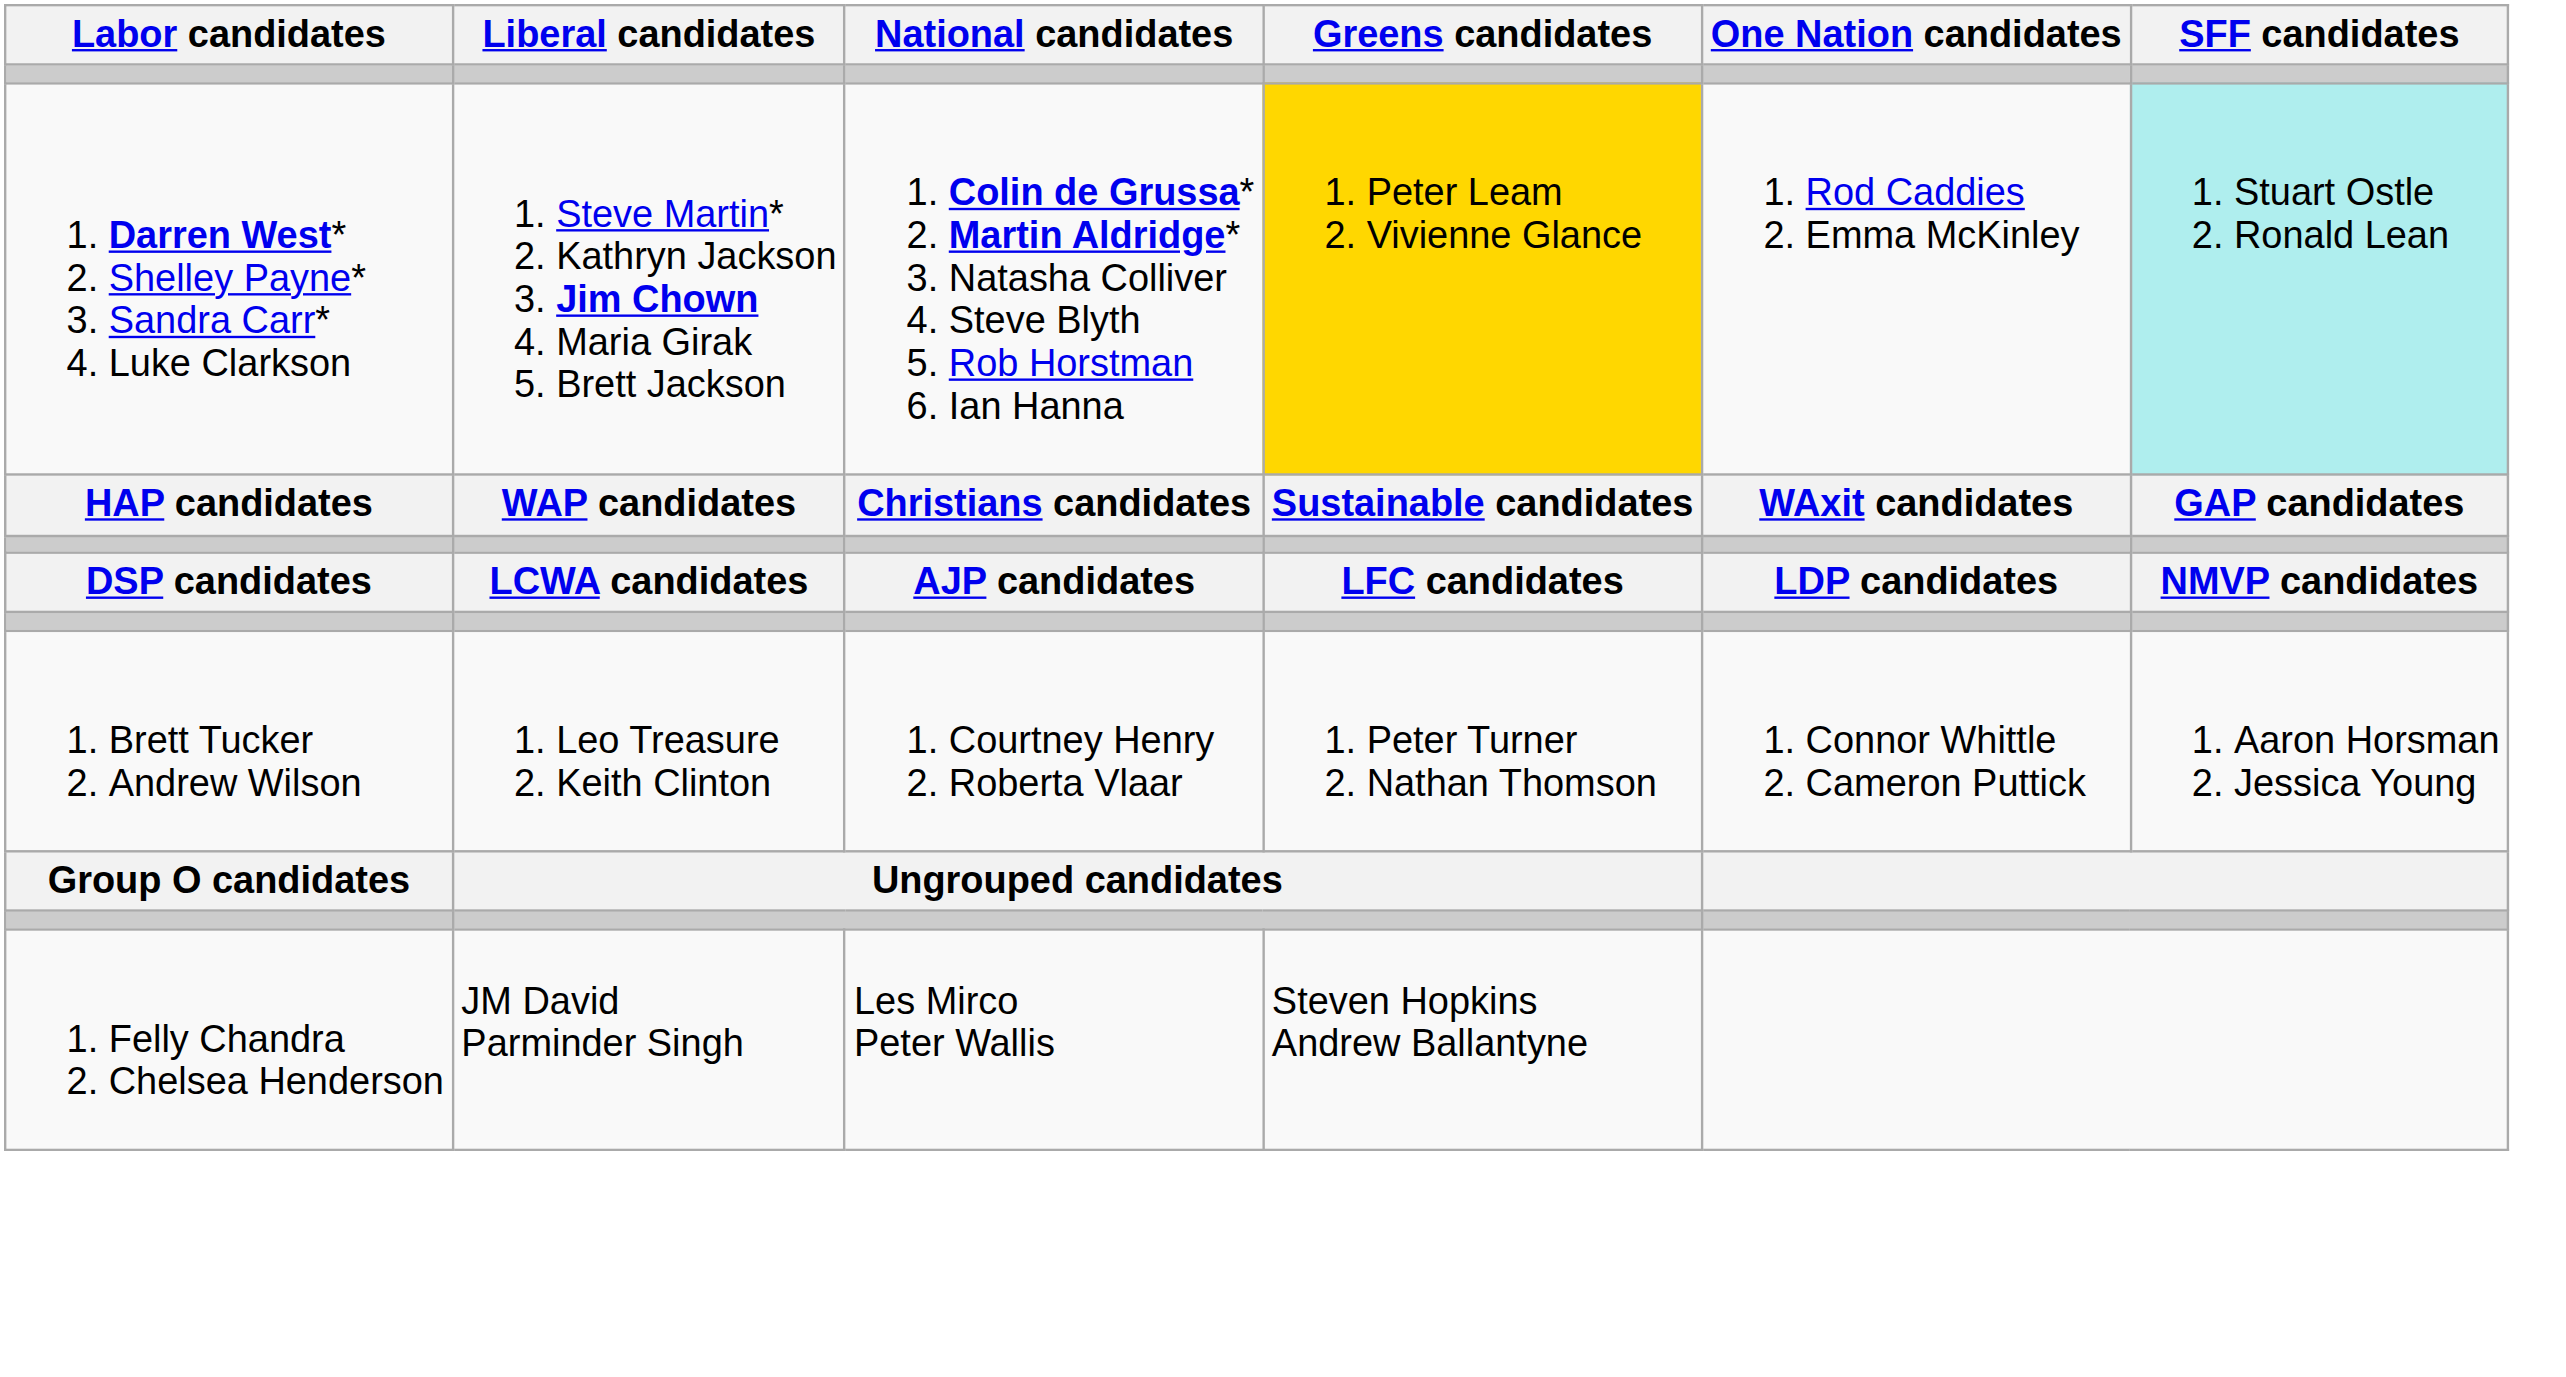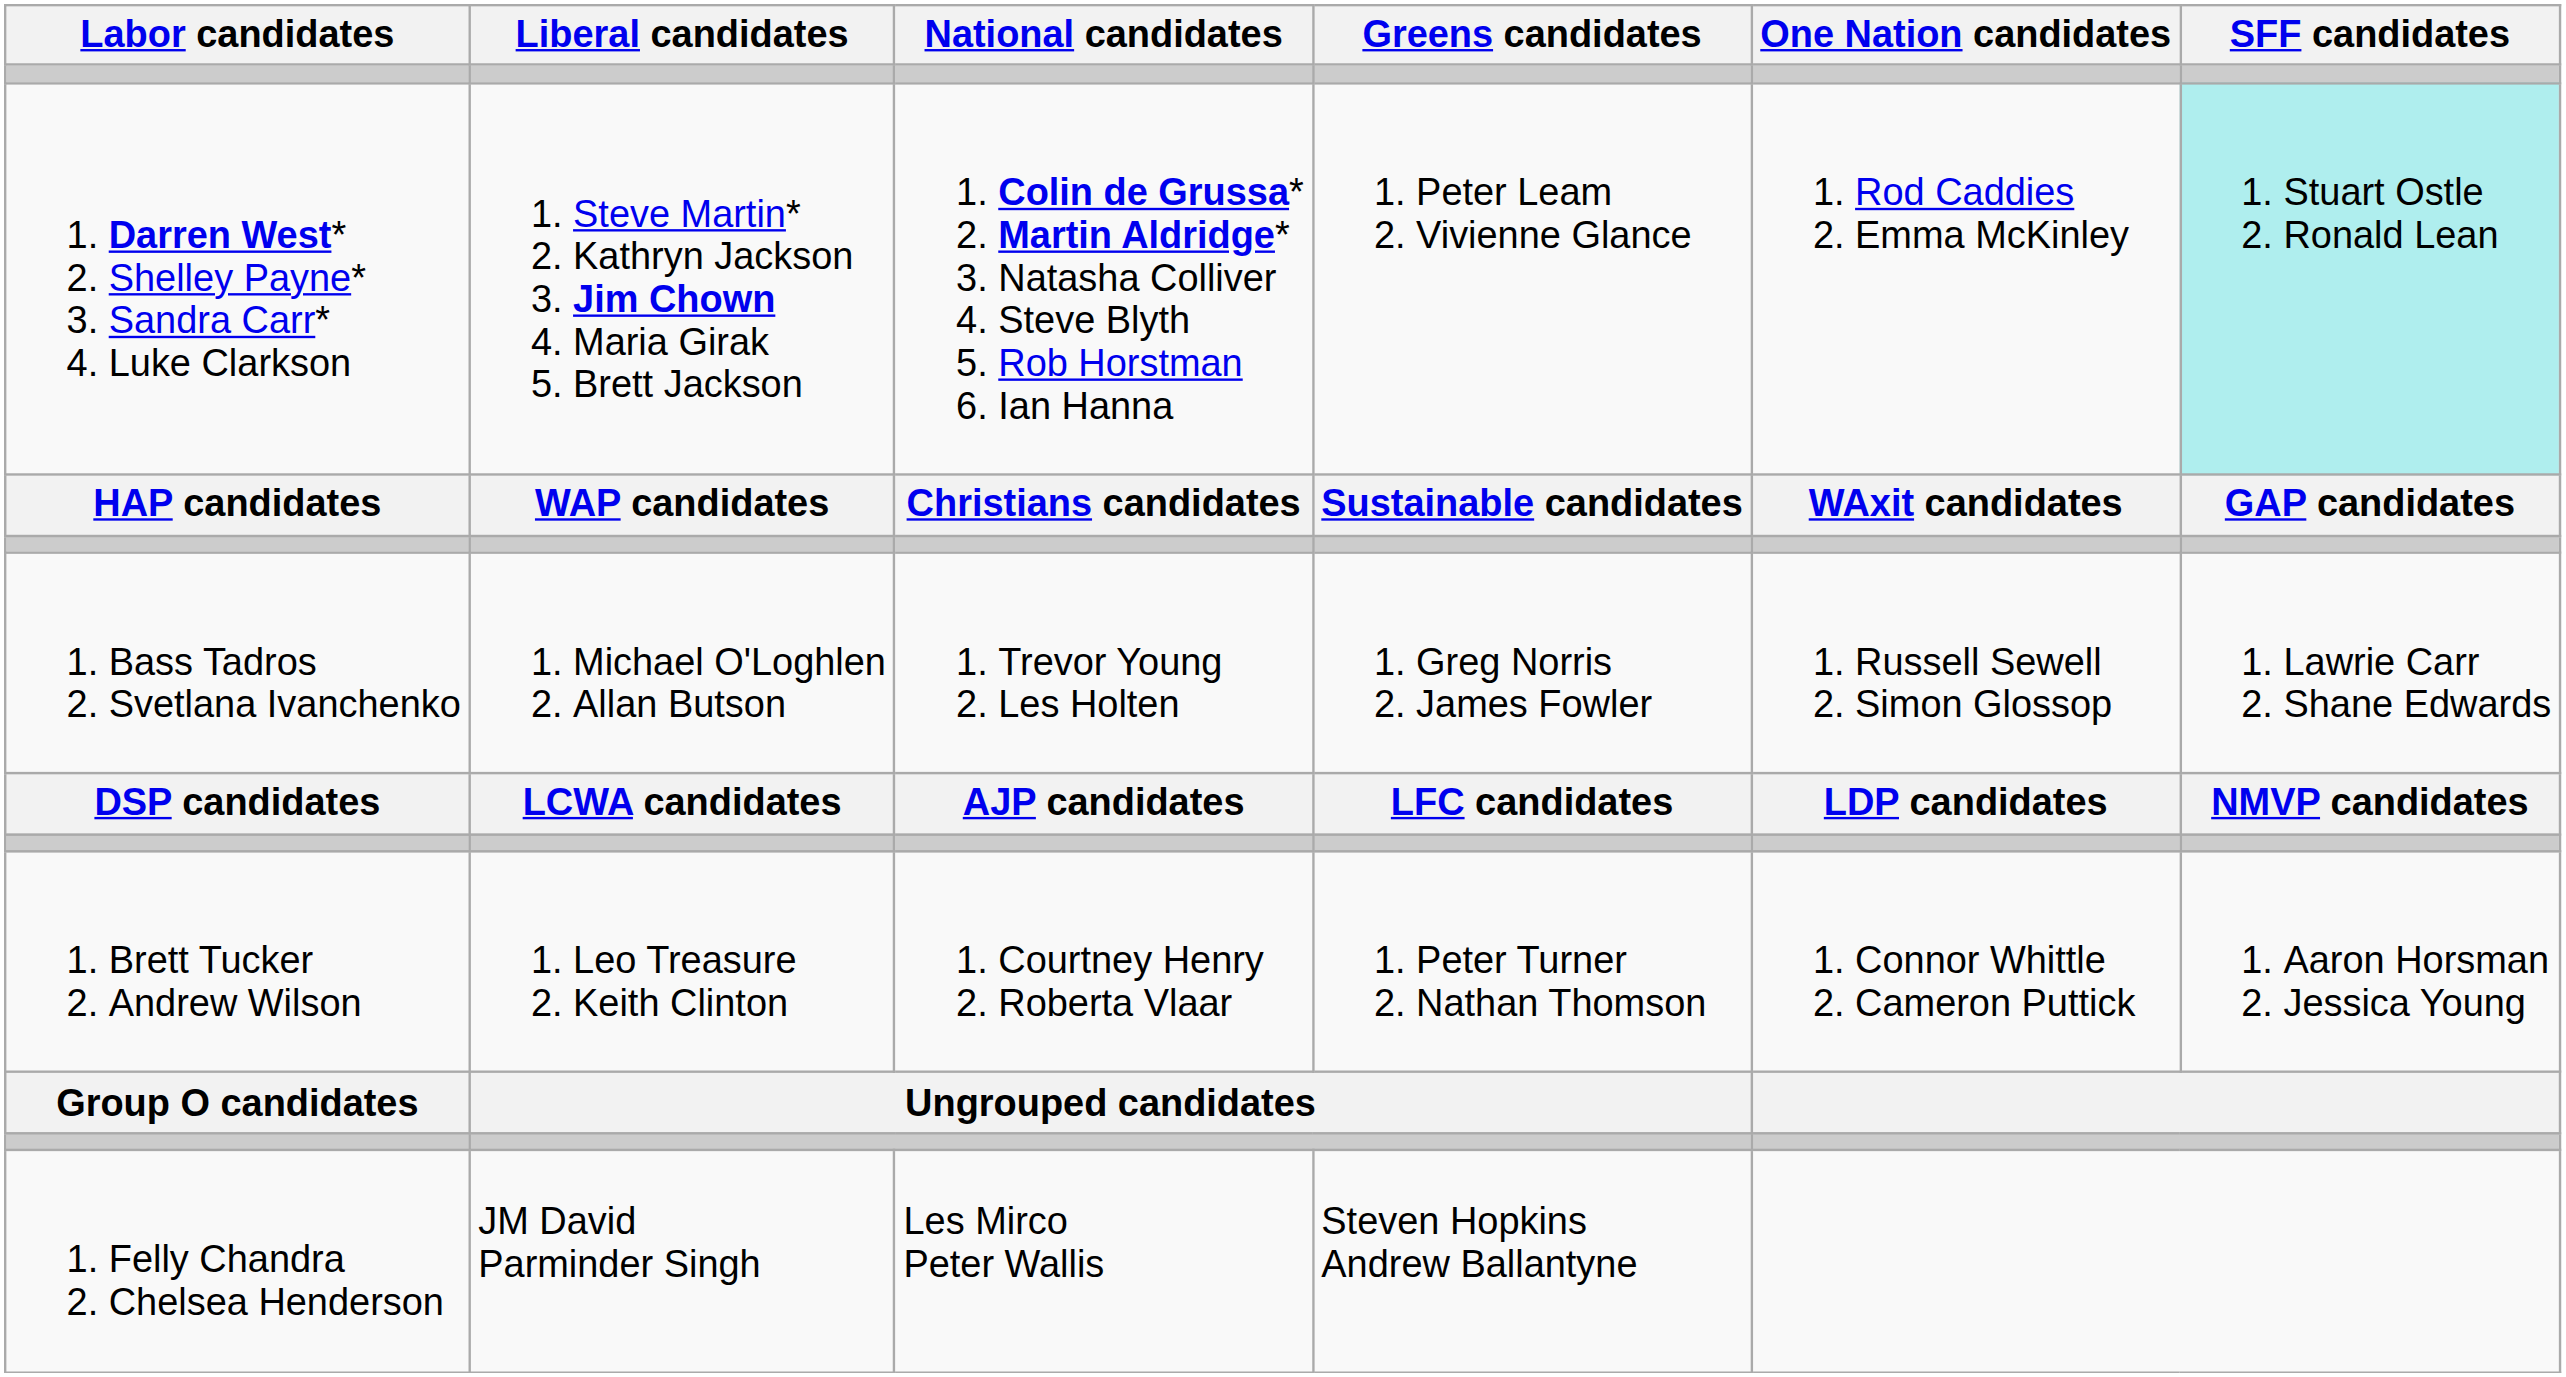 <table class="wikitable">
 <tr>
 <th><a href='#'>Labor</a> candidates</th>
 <th><a href='#'>Liberal</a> candidates</th>
 <th><a href='#'>National</a> candidates</th>
 <th><a href='#'>Greens</a> candidates</th>
 <th><a href='#'>One Nation</a> candidates</th>
 <th><a href='#'>SFF</a> candidates</th>
 </tr>
 <tr bgcolor="#cccccc">
 <td></td>
 <td></td>
 <td></td>
 <td></td>
 <td></td>
 <td></td>
 </tr>
 <tr>
 <td><br><ol><li><strong><a href='#'>Darren West</a></strong>*</li><li><a href='#'>Shelley Payne</a>*</li><li><a href='#'>Sandra Carr</a>*</li><li>Luke Clarkson</li></ol></td>
 <td><br><ol><li><a href='#'>Steve Martin</a>*</li><li>Kathryn Jackson</li><li><strong><a href='#'>Jim Chown</a></strong></li><li>Maria Girak</li><li>Brett Jackson</li></ol></td>
 <td><br><ol><li><strong><a href='#'>Colin de Grussa</a></strong>*</li><li><strong><a href='#'>Martin Aldridge</a></strong>*</li><li>Natasha Colliver</li><li>Steve Blyth</li><li><a href='#'>Rob Horstman</a></li><li>Ian Hanna</li></ol></td>
-<td valign=top style="background: gold;"><br><ol><li>Peter Leam</li><li>Vivienne Glance</li></ol></td>
+<td valign=top><br><ol><li>Peter Leam</li><li>Vivienne Glance</li></ol></td>
 <td valign=top><br><ol><li><a href='#'>Rod Caddies</a></li><li>Emma McKinley</li></ol></td>
 <td valign=top style="background: paleturquoise;"><br><ol><li>Stuart Ostle</li><li>Ronald Lean</li></ol></td>
 </tr>
 <tr bgcolor="#cccccc">
 <th><a href='#'>HAP</a> candidates</th>
 <th><a href='#'>WAP</a> candidates</th>
 <th><a href='#'>Christians</a> candidates</th>
 <th><a href='#'>Sustainable</a> candidates</th>
 <th><a href='#'>WAxit</a> candidates</th>
 <th><a href='#'>GAP</a> candidates</th>
 </tr>
 <tr bgcolor="#cccccc">
 <td></td>
 <td></td>
 <td></td>
 <td></td>
 <td></td>
 <td></td>
+</tr>
+<tr>
+<td valign=top><br><ol><li>Bass Tadros</li><li>Svetlana Ivanchenko</li></ol></td>
+<td valign=top><br><ol><li>Michael O'Loghlen</li><li>Allan Butson</li></ol></td>
+<td valign=top><br><ol><li>Trevor Young</li><li>Les Holten</li></ol></td>
+<td valign=top><br><ol><li>Greg Norris</li><li>James Fowler</li></ol></td>
+<td valign=top><br><ol><li>Russell Sewell</li><li>Simon Glossop</li></ol></td>
+<td valign=top><br><ol><li>Lawrie Carr</li><li>Shane Edwards</li></ol></td>
 </tr>
 <tr bgcolor="#cccccc">
 <th><a href='#'>DSP</a> candidates</th>
 <th><a href='#'>LCWA</a> candidates</th>
 <th><a href='#'>AJP</a> candidates</th>
 <th><a href='#'>LFC</a> candidates</th>
 <th><a href='#'>LDP</a> candidates</th>
 <th><a href='#'>NMVP</a> candidates</th>
 </tr>
 <tr bgcolor="#cccccc">
 <td></td>
 <td></td>
 <td></td>
 <td></td>
 <td></td>
 <td></td>
 </tr>
 <tr>
 <td valign=top><br><ol><li>Brett Tucker</li><li>Andrew Wilson</li></ol></td>
 <td valign=top><br><ol><li>Leo Treasure</li><li>Keith Clinton</li></ol></td>
 <td valign=top><br><ol><li>Courtney Henry</li><li>Roberta Vlaar</li></ol></td>
 <td valign=top><br><ol><li>Peter Turner</li><li>Nathan Thomson</li></ol></td>
 <td valign=top><br><ol><li>Connor Whittle</li><li>Cameron Puttick</li></ol></td>
 <td valign=top><br><ol><li>Aaron Horsman</li><li>Jessica Young</li></ol></td>
 </tr>
 <tr bgcolor="#cccccc">
 <th>Group O candidates</th>
 <th colspan=3>Ungrouped candidates</th>
 <th colspan=2></th>
 </tr>
 <tr bgcolor="#cccccc">
 <td></td>
 <td colspan=3 ></td>
 <td colspan=2></td>
 </tr>
 <tr>
 <td valign=top><br><ol><li>Felly Chandra</li><li>Chelsea Henderson</li></ol></td>
 <td valign=top><br>JM David <br> Parminder Singh</td>
 <td valign=top><br>Les Mirco <br> Peter Wallis</td>
 <td valign=top><br>Steven Hopkins <br> Andrew Ballantyne</td>
 </tr>
 </table>
